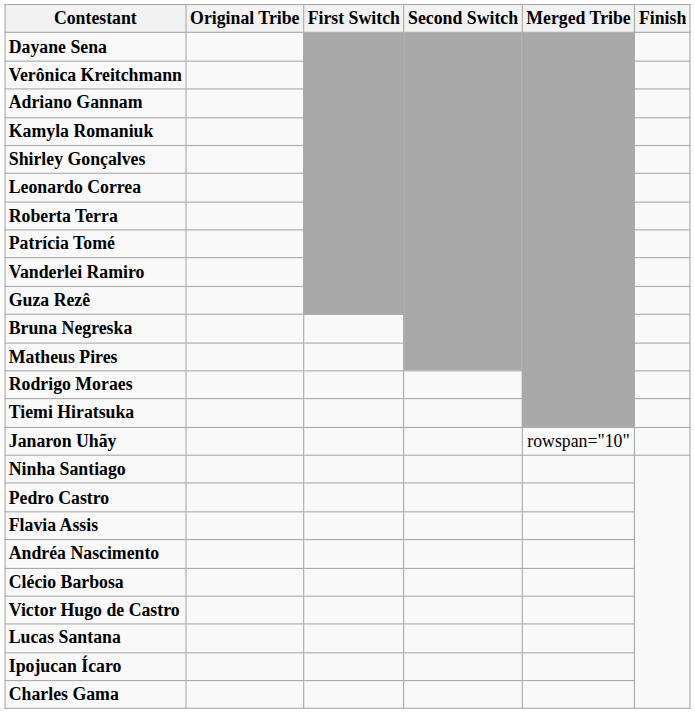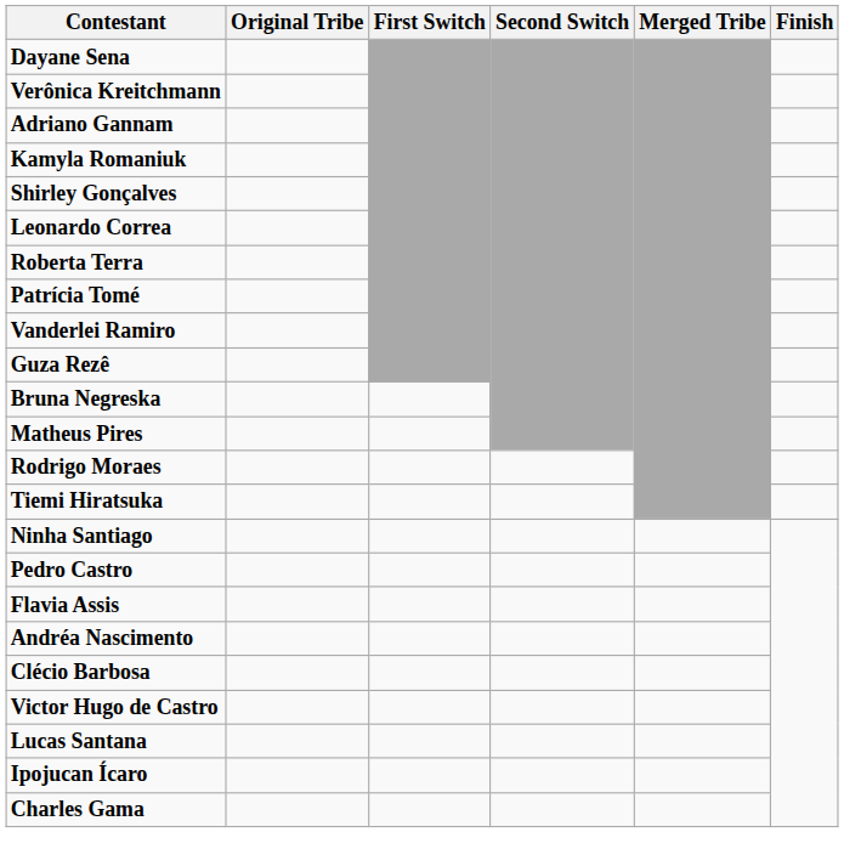 <table class="wikitable sortable" style="margin:auto; text-align:center">
 <tr>
 <th>Contestant</th>
 <th>Original Tribe</th>
 <th>First Switch</th>
 <th>Second Switch</th>
 <th>Merged Tribe</th>
 <th>Finish</th>
 </tr>
 <tr>
 <td align="left"><strong>Dayane Sena</strong><br></td>
 <td></td>
 <td style="background:darkgrey;" rowspan="10"></td>
 <td style="background:darkgrey;" rowspan="12"></td>
 <td style="background:darkgrey;" rowspan="14"></td>
 <td></td>
 </tr>
 <tr>
 <td align="left"><strong>Verônica Kreitchmann</strong><br></td>
 <td></td>
 <td></td>
 </tr>
 <tr>
 <td align="left"><strong>Adriano Gannam</strong><br></td>
 <td></td>
 <td></td>
 </tr>
 <tr>
 <td align="left"><strong>Kamyla Romaniuk</strong><br></td>
 <td></td>
 <td></td>
 </tr>
 <tr>
 <td align="left"><strong>Shirley Gonçalves</strong><br></td>
 <td></td>
 <td></td>
 </tr>
 <tr>
 <td align="left"><strong>Leonardo Correa</strong><br></td>
 <td></td>
 <td></td>
 </tr>
 <tr>
 <td align="left"><strong>Roberta Terra</strong><br></td>
 <td></td>
 <td></td>
 </tr>
 <tr>
 <td align="left"><strong>Patrícia Tomé</strong><br></td>
 <td></td>
 <td></td>
 </tr>
 <tr>
 <td align="left"><strong>Vanderlei Ramiro</strong><br></td>
 <td></td>
 <td></td>
 </tr>
 <tr>
 <td align="left"><strong>Guza Rezê</strong><br></td>
 <td></td>
 <td></td>
 </tr>
 <tr>
 <td align="left"><strong>Bruna Negreska</strong><br></td>
 <td></td>
 <td></td>
 <td></td>
 </tr>
 <tr>
 <td align="left"><strong>Matheus Pires</strong><br></td>
 <td></td>
 <td></td>
 <td></td>
 </tr>
 <tr>
 <td align="left"><strong>Rodrigo Moraes</strong><br></td>
 <td></td>
 <td></td>
 <td></td>
 <td></td>
 </tr>
 <tr>
 <td align="left"><strong>Tiemi Hiratsuka</strong><br></td>
 <td></td>
 <td></td>
 <td></td>
 <td></td>
 </tr>
 <tr>
-<td align="left"><strong>Janaron Uhãy</strong><br></td>
-<td></td>
-<td></td>
-<td></td>
-<td>rowspan="10" </td>
-<td></td>
-</tr>
-<tr>
 <td align="left"><strong>Ninha Santiago</strong><br></td>
 <td></td>
 <td></td>
 <td></td>
 <td></td>
 </tr>
 <tr>
 <td align="left"><strong>Pedro Castro</strong><br></td>
 <td></td>
 <td></td>
 <td></td>
 <td></td>
 </tr>
 <tr>
 <td align="left"><strong>Flavia Assis</strong><br></td>
 <td></td>
 <td></td>
 <td></td>
 <td></td>
 </tr>
 <tr>
 <td align="left"><strong>Andréa Nascimento</strong><br></td>
 <td></td>
 <td></td>
 <td></td>
 <td></td>
 </tr>
 <tr>
 <td align="left"><strong>Clécio Barbosa</strong><br></td>
 <td></td>
 <td></td>
 <td></td>
 <td></td>
 </tr>
 <tr>
 <td align="left"><strong>Victor Hugo de Castro</strong><br></td>
 <td></td>
 <td></td>
 <td></td>
 <td></td>
 </tr>
 <tr>
 <td align="left"><strong>Lucas Santana</strong><br></td>
 <td></td>
 <td></td>
 <td></td>
 <td></td>
 </tr>
 <tr>
 <td align="left"><strong>Ipojucan Ícaro</strong><br></td>
 <td></td>
 <td></td>
 <td></td>
 <td></td>
 </tr>
 <tr>
 <td align="left"><strong>Charles Gama</strong><br></td>
 <td></td>
 <td></td>
 <td></td>
 <td></td>
 </tr>
 </table>
